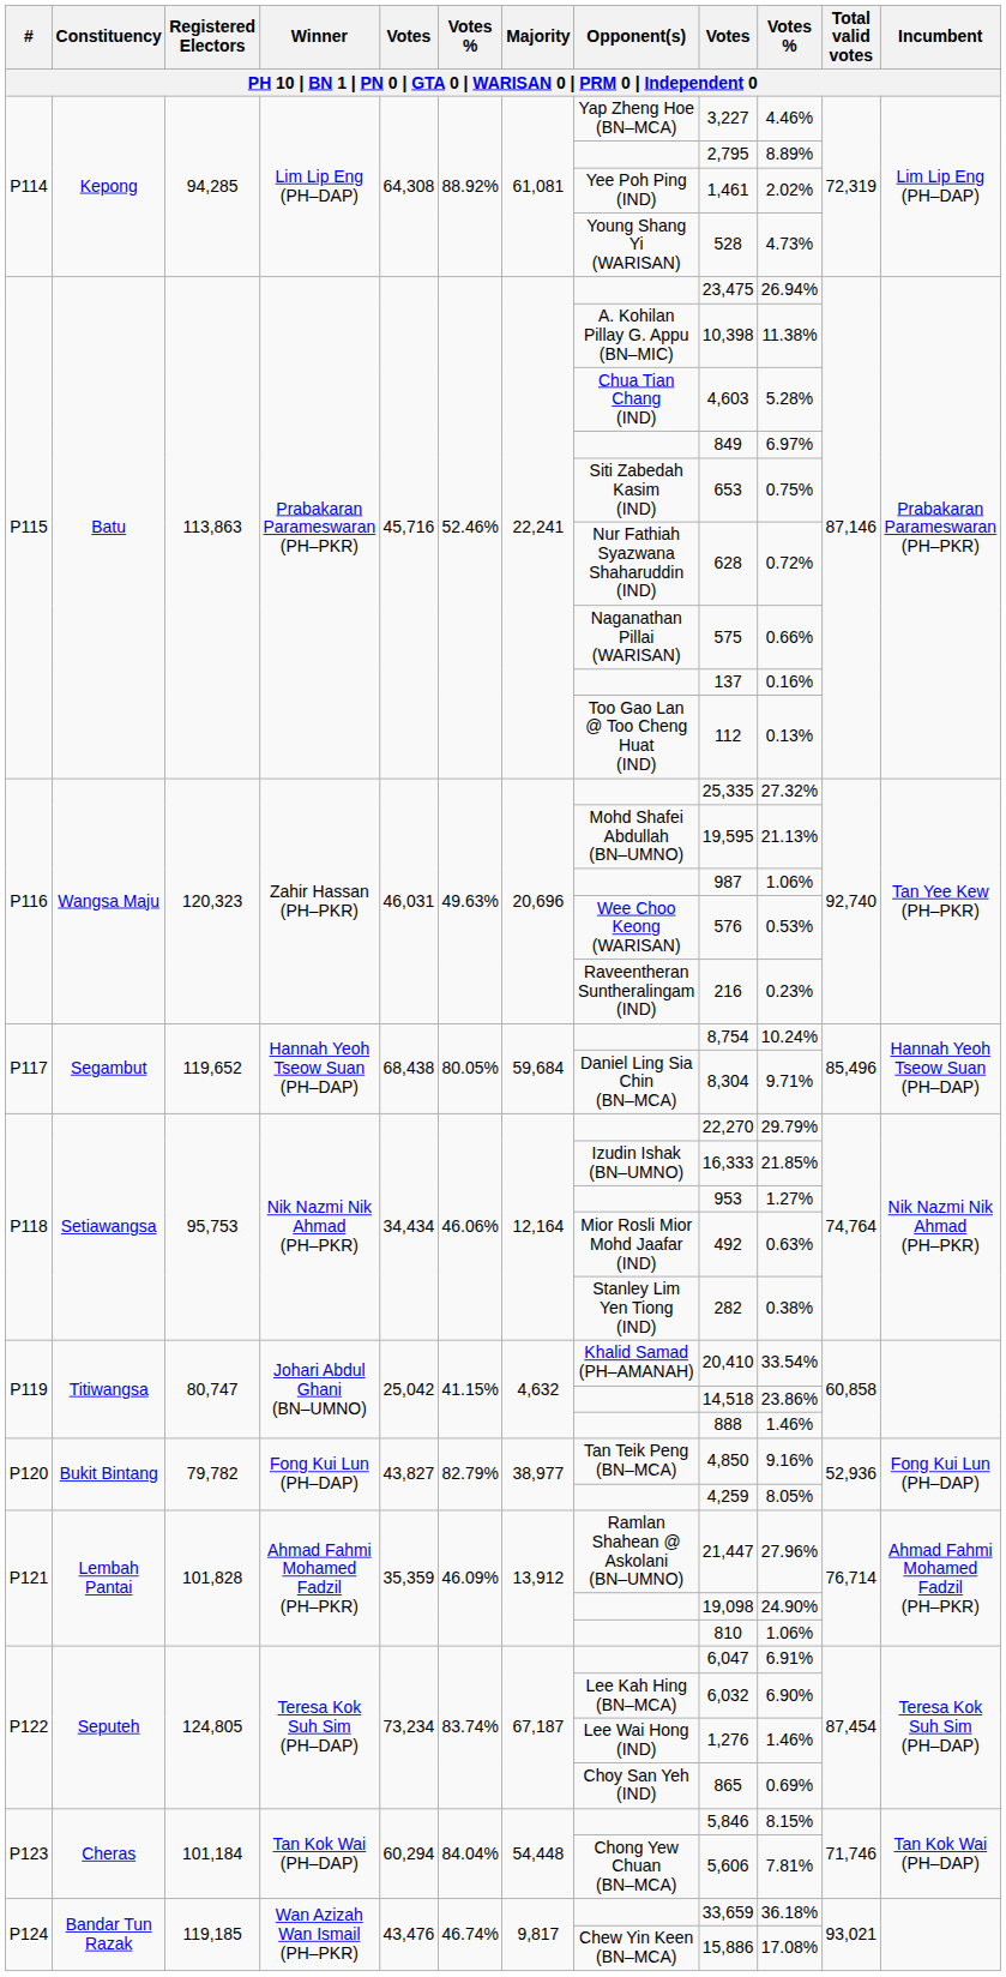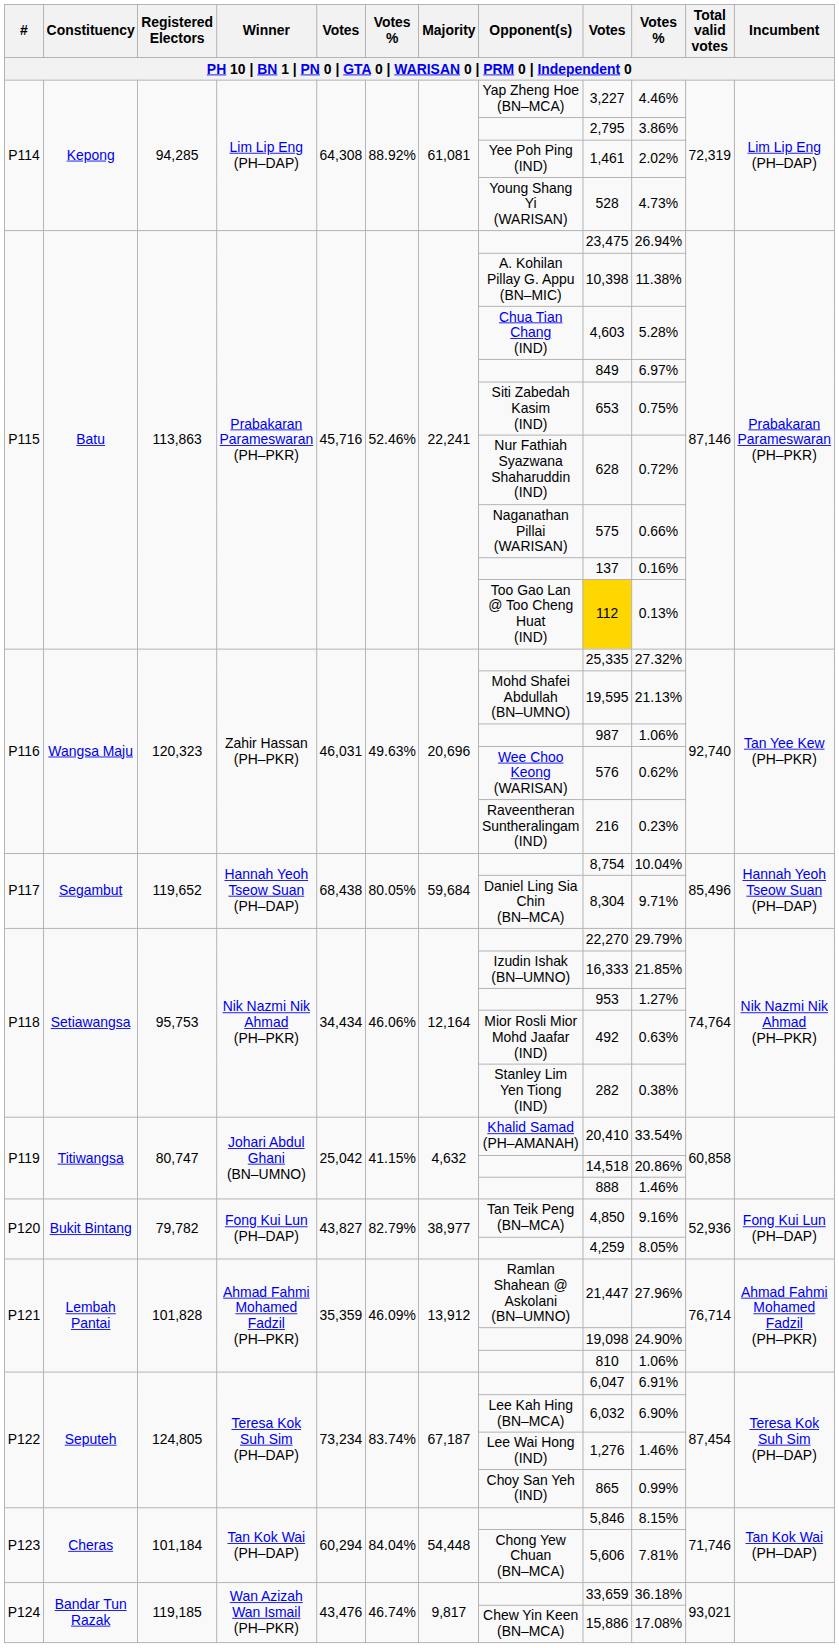 <table class="wikitable sortable" style">
 <tr>
 <th>#</th>
 <th>Constituency</th>
 <th>Registered Electors</th>
 <th>Winner</th>
 <th>Votes</th>
 <th>Votes %</th>
 <th>Majority</th>
 <th>Opponent(s)</th>
 <th>Votes</th>
 <th>Votes %</th>
 <th>Total valid votes</th>
 <th>Incumbent</th>
 </tr>
 <tr>
 <th colspan="13"><a href='#'>PH</a> <strong>10</strong> |  <a href='#'>BN</a> <strong>1</strong>  | <a href='#'>PN</a> <strong>0</strong> | <a href='#'>GTA</a> <strong>0</strong>  | <a href='#'>WARISAN</a> <strong>0</strong> |  <a href='#'>PRM</a> <strong>0</strong>  | <a href='#'>Independent</a> <strong>0</strong></th>
 </tr>
 <tr align="center">
 <td rowspan=4>P114</td>
 <td rowspan=4><a href='#'>Kepong</a></td>
 <td rowspan=4>94,285</td>
 <td rowspan=4><a href='#'>Lim Lip Eng</a><br>(PH–DAP)</td>
 <td rowspan=4>64,308</td>
 <td rowspan=4>88.92%</td>
 <td rowspan=4>61,081</td>
 <td>Yap Zheng Hoe<br>(BN–MCA)</td>
 <td>3,227</td>
 <td>4.46%</td>
 <td rowspan=4>72,319</td>
 <td rowspan=4><a href='#'>Lim Lip Eng</a><br>(PH–DAP)</td>
 </tr>
 <tr align="center">
 <td></td>
 <td>2,795</td>
-<td>8.89%</td>
+<td>3.86%</td>
 </tr>
 <tr align="center">
 <td>Yee Poh Ping<br>(IND)</td>
 <td>1,461</td>
 <td>2.02%</td>
 </tr>
 <tr align="center">
 <td>Young Shang Yi<br>(WARISAN)</td>
 <td>528</td>
 <td>4.73%</td>
 </tr>
 <tr align="center">
 <td rowspan=9>P115</td>
 <td rowspan=9><a href='#'>Batu</a></td>
 <td rowspan=9>113,863</td>
 <td rowspan=9><a href='#'>Prabakaran Parameswaran</a><br>(PH–PKR)</td>
 <td rowspan=9>45,716</td>
 <td rowspan=9>52.46%</td>
 <td rowspan=9>22,241</td>
 <td></td>
 <td>23,475</td>
 <td>26.94%</td>
 <td rowspan=9>87,146</td>
 <td rowspan=9><a href='#'>Prabakaran Parameswaran</a><br>(PH–PKR)</td>
 </tr>
 <tr align="center">
 <td>A. Kohilan Pillay G. Appu<br>(BN–MIC)</td>
 <td>10,398</td>
 <td>11.38%</td>
 </tr>
 <tr align="center">
 <td><a href='#'>Chua Tian Chang</a><br>(IND)</td>
 <td>4,603</td>
 <td>5.28%</td>
 </tr>
 <tr align="center">
 <td></td>
 <td>849</td>
 <td>6.97%</td>
 </tr>
 <tr align="center">
 <td>Siti Zabedah Kasim<br>(IND)</td>
 <td>653</td>
 <td>0.75%</td>
 </tr>
 <tr align="center">
 <td>Nur Fathiah Syazwana Shaharuddin<br>(IND)</td>
 <td>628</td>
 <td>0.72%</td>
 </tr>
 <tr align="center">
 <td>Naganathan Pillai<br>(WARISAN)</td>
 <td>575</td>
 <td>0.66%</td>
 </tr>
 <tr align="center">
 <td></td>
 <td>137</td>
 <td>0.16%</td>
 </tr>
 <tr align="center">
 <td>Too Gao Lan @ Too Cheng Huat<br>(IND)</td>
-<td>112</td>
+<td style="background: gold;">112</td>
 <td>0.13%</td>
 </tr>
 <tr align="center">
 <td rowspan=5>P116</td>
 <td rowspan=5><a href='#'>Wangsa Maju</a></td>
 <td rowspan=5>120,323</td>
 <td rowspan=5>Zahir Hassan<br>(PH–PKR)</td>
 <td rowspan=5>46,031</td>
 <td rowspan=5>49.63%</td>
 <td rowspan=5>20,696</td>
 <td><br></td>
 <td>25,335</td>
 <td>27.32%</td>
 <td rowspan=5>92,740</td>
 <td rowspan=5><a href='#'>Tan Yee Kew</a><br>(PH–PKR)</td>
 </tr>
 <tr align="center">
 <td>Mohd Shafei Abdullah<br>(BN–UMNO)</td>
 <td>19,595</td>
 <td>21.13%</td>
 </tr>
 <tr align="center">
 <td></td>
 <td>987</td>
 <td>1.06%</td>
 </tr>
 <tr align="center">
 <td><a href='#'>Wee Choo Keong</a><br>(WARISAN)</td>
 <td>576</td>
-<td>0.53%</td>
+<td>0.62%</td>
 </tr>
 <tr align="center">
 <td>Raveentheran Suntheralingam<br>(IND)</td>
 <td>216</td>
 <td>0.23%</td>
 </tr>
 <tr align="center">
 <td rowspan=2>P117</td>
 <td rowspan=2><a href='#'>Segambut</a></td>
 <td rowspan=2>119,652</td>
 <td rowspan=2><a href='#'>Hannah Yeoh Tseow Suan</a><br>(PH–DAP)</td>
 <td rowspan=2>68,438</td>
 <td rowspan=2>80.05%</td>
 <td rowspan=2>59,684</td>
 <td></td>
 <td>8,754</td>
-<td>10.24%</td>
+<td>10.04%</td>
 <td rowspan=2>85,496</td>
 <td rowspan=2><a href='#'>Hannah Yeoh Tseow Suan</a><br>(PH–DAP)</td>
 </tr>
 <tr align="center">
 <td>Daniel Ling Sia Chin<br>(BN–MCA)</td>
 <td>8,304</td>
 <td>9.71%</td>
 </tr>
 <tr align="center">
 <td rowspan=5>P118</td>
 <td rowspan=5><a href='#'>Setiawangsa</a></td>
 <td rowspan=5>95,753</td>
 <td rowspan=5><a href='#'>Nik Nazmi Nik Ahmad</a><br>(PH–PKR)</td>
 <td rowspan=5>34,434</td>
 <td rowspan=5>46.06%</td>
 <td rowspan=5>12,164</td>
 <td></td>
 <td>22,270</td>
 <td>29.79%</td>
 <td rowspan=5>74,764</td>
 <td rowspan=5><a href='#'>Nik Nazmi Nik Ahmad</a><br>(PH–PKR)</td>
 </tr>
 <tr align="center">
 <td>Izudin Ishak<br>(BN–UMNO)</td>
 <td>16,333</td>
 <td>21.85%</td>
 </tr>
 <tr align="center">
 <td></td>
 <td>953</td>
 <td>1.27%</td>
 </tr>
 <tr align="center">
 <td>Mior Rosli Mior Mohd Jaafar<br>(IND)</td>
 <td>492</td>
 <td>0.63%</td>
 </tr>
 <tr align="center">
 <td>Stanley Lim Yen Tiong<br>(IND)</td>
 <td>282</td>
 <td>0.38%</td>
 </tr>
 <tr align="center">
 <td rowspan=3>P119</td>
 <td rowspan=3><a href='#'>Titiwangsa</a></td>
 <td rowspan=3>80,747</td>
 <td rowspan=3><a href='#'>Johari Abdul Ghani</a><br>(BN–UMNO)</td>
 <td rowspan=3>25,042</td>
 <td rowspan=3>41.15%</td>
 <td rowspan=3>4,632</td>
 <td><a href='#'>Khalid Samad</a><br>(PH–AMANAH)</td>
 <td>20,410</td>
 <td>33.54%</td>
 <td rowspan=3>60,858</td>
 <td rowspan=3><br></td>
 </tr>
 <tr align="center">
 <td></td>
 <td>14,518</td>
-<td>23.86%</td>
+<td>20.86%</td>
 </tr>
 <tr align="center">
 <td></td>
 <td>888</td>
 <td>1.46%</td>
 </tr>
 <tr align="center">
 <td rowspan=2>P120</td>
 <td rowspan=2><a href='#'>Bukit Bintang</a></td>
 <td rowspan=2>79,782</td>
 <td rowspan=2><a href='#'>Fong Kui Lun</a><br>(PH–DAP)</td>
 <td rowspan=2>43,827</td>
 <td rowspan=2>82.79%</td>
 <td rowspan=2>38,977</td>
 <td>Tan Teik Peng<br>(BN–MCA)</td>
 <td>4,850</td>
 <td>9.16%</td>
 <td rowspan=2>52,936</td>
 <td rowspan=2><a href='#'>Fong Kui Lun</a><br>(PH–DAP)</td>
 </tr>
 <tr align="center">
 <td></td>
 <td>4,259</td>
 <td>8.05%</td>
 </tr>
 <tr align="center">
 <td rowspan=3>P121</td>
 <td rowspan=3><a href='#'>Lembah Pantai</a></td>
 <td rowspan=3>101,828</td>
 <td rowspan=3><a href='#'>Ahmad Fahmi Mohamed Fadzil</a><br>(PH–PKR)</td>
 <td rowspan=3>35,359</td>
 <td rowspan=3>46.09%</td>
 <td rowspan=3>13,912</td>
 <td>Ramlan Shahean @ Askolani<br>(BN–UMNO)</td>
 <td>21,447</td>
 <td>27.96%</td>
 <td rowspan=3>76,714</td>
 <td rowspan=3><a href='#'>Ahmad Fahmi Mohamed Fadzil</a><br>(PH–PKR)</td>
 </tr>
 <tr align="center">
 <td></td>
 <td>19,098</td>
 <td>24.90%</td>
 </tr>
 <tr align="center">
 <td></td>
 <td>810</td>
 <td>1.06%</td>
 </tr>
 <tr align="center">
 <td rowspan=4>P122</td>
 <td rowspan=4><a href='#'>Seputeh</a></td>
 <td rowspan=4>124,805</td>
 <td rowspan=4><a href='#'>Teresa Kok Suh Sim</a><br>(PH–DAP)</td>
 <td rowspan=4>73,234</td>
 <td rowspan=4>83.74%</td>
 <td rowspan=4>67,187</td>
 <td></td>
 <td>6,047</td>
 <td>6.91%</td>
 <td rowspan=4>87,454</td>
 <td rowspan=4><a href='#'>Teresa Kok Suh Sim</a><br>(PH–DAP)</td>
 </tr>
 <tr align="center">
 <td>Lee Kah Hing<br>(BN–MCA)</td>
 <td>6,032</td>
 <td>6.90%</td>
 </tr>
 <tr align="center">
 <td>Lee Wai Hong<br>(IND)</td>
 <td>1,276</td>
 <td>1.46%</td>
 </tr>
 <tr align="center">
 <td>Choy San Yeh<br>(IND)</td>
 <td>865</td>
-<td>0.69%</td>
+<td>0.99%</td>
 </tr>
 <tr align="center">
 <td rowspan=2>P123</td>
 <td rowspan=2><a href='#'>Cheras</a></td>
 <td rowspan=2>101,184</td>
 <td rowspan=2><a href='#'>Tan Kok Wai</a><br>(PH–DAP)</td>
 <td rowspan=2>60,294</td>
 <td rowspan=2>84.04%</td>
 <td rowspan=2>54,448</td>
 <td></td>
 <td>5,846</td>
 <td>8.15%</td>
 <td rowspan=2>71,746</td>
 <td rowspan=2><a href='#'>Tan Kok Wai</a><br>(PH–DAP)</td>
 </tr>
 <tr align="center">
 <td>Chong Yew Chuan<br>(BN–MCA)</td>
 <td>5,606</td>
 <td>7.81%</td>
 </tr>
 <tr align="center">
 <td rowspan=2>P124</td>
 <td rowspan=2><a href='#'>Bandar Tun Razak</a></td>
 <td rowspan=2>119,185</td>
 <td rowspan=2><a href='#'>Wan Azizah Wan Ismail</a><br>(PH–PKR)</td>
 <td rowspan=2>43,476</td>
 <td rowspan=2>46.74%</td>
 <td rowspan=2>9,817</td>
 <td><br></td>
 <td>33,659</td>
 <td>36.18%</td>
 <td rowspan=2>93,021</td>
 <td rowspan=2><br></td>
 </tr>
 <tr align="center">
 <td>Chew Yin Keen<br>(BN–MCA)</td>
 <td>15,886</td>
 <td>17.08%</td>
 </tr>
 </table>
